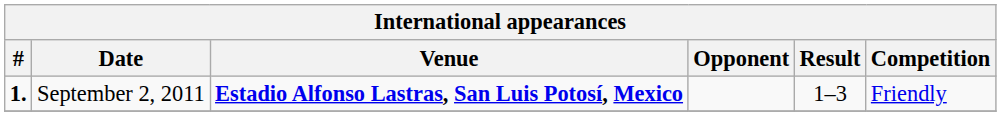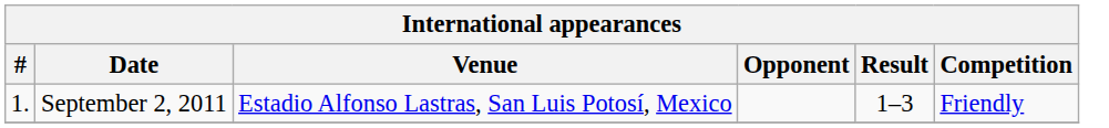 <table class="wikitable collapsible collapsed" style="font-size:100%">
 <tr>
 <th colspan="7"><strong>International appearances</strong></th>
 </tr>
 <tr>
 <th>#</th>
 <th>Date</th>
 <th>Venue</th>
 <th>Opponent</th>
 <th>Result</th>
 <th>Competition</th>
 </tr>
 <tr>
-<td><strong>1.</strong></td>
+<td>1.</td>
 <td>September 2, 2011</td>
-<td><strong><a href='#'>Estadio Alfonso Lastras</a>, <a href='#'>San Luis Potosí</a>, <a href='#'>Mexico</a></strong></td>
+<td><a href='#'>Estadio Alfonso Lastras</a>, <a href='#'>San Luis Potosí</a>, <a href='#'>Mexico</a></td>
 <td></td>
 <td align=center>1–3</td>
 <td><a href='#'>Friendly</a></td>
 </tr>
 <tr>
 </tr>
 </table>
